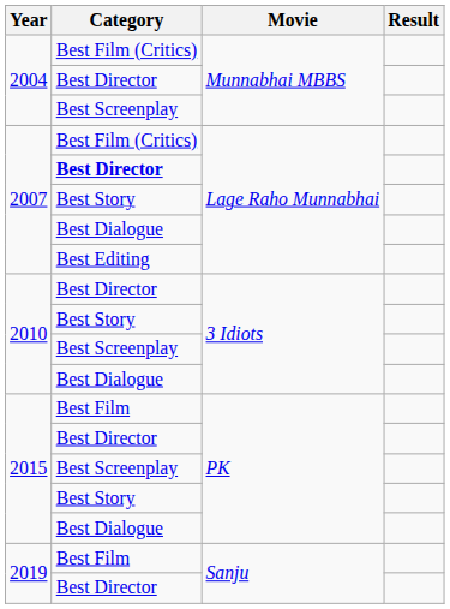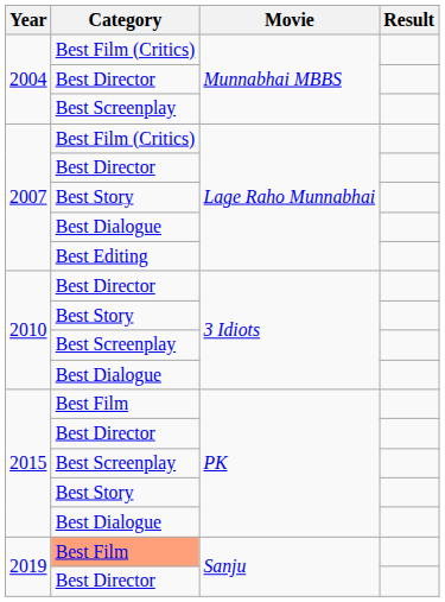 <table class="wikitable">
 <tr>
 <th>Year</th>
 <th>Category</th>
 <th>Movie</th>
 <th>Result</th>
 </tr>
 <tr>
 <td rowspan="3"><a href='#'>2004<br></a></td>
 <td><a href='#'>Best Film (Critics)</a></td>
 <td rowspan="3"><em><a href='#'>Munnabhai MBBS</a></em></td>
 <td></td>
 </tr>
 <tr>
 <td><a href='#'>Best Director</a></td>
 <td></td>
 </tr>
 <tr>
 <td><a href='#'>Best Screenplay</a></td>
 <td></td>
 </tr>
 <tr>
 <td rowspan="5"><a href='#'>2007<br></a></td>
 <td><a href='#'>Best Film (Critics)</a></td>
 <td rowspan="5"><em><a href='#'>Lage Raho Munnabhai</a></em></td>
 <td></td>
 </tr>
 <tr>
-<td><strong><a href='#'>Best Director</a></strong></td>
+<td><a href='#'>Best Director</a></td>
 <td></td>
 </tr>
 <tr>
 <td><a href='#'>Best Story</a></td>
 <td></td>
 </tr>
 <tr>
 <td><a href='#'>Best Dialogue</a></td>
 <td></td>
 </tr>
 <tr>
 <td><a href='#'>Best Editing</a></td>
 <td></td>
 </tr>
 <tr>
 <td rowspan="4"><a href='#'>2010<br></a></td>
 <td><a href='#'>Best Director</a></td>
 <td rowspan="4"><em><a href='#'>3 Idiots</a></em></td>
 <td></td>
 </tr>
 <tr>
 <td><a href='#'>Best Story</a></td>
 <td></td>
 </tr>
 <tr>
 <td><a href='#'>Best Screenplay</a></td>
 <td></td>
 </tr>
 <tr>
 <td><a href='#'>Best Dialogue</a></td>
 <td></td>
 </tr>
 <tr>
 <td rowspan="5"><a href='#'>2015<br></a></td>
 <td><a href='#'>Best Film</a></td>
 <td rowspan="5"><em><a href='#'>PK</a></em></td>
 <td></td>
 </tr>
 <tr>
 <td><a href='#'> Best Director</a></td>
 <td></td>
 </tr>
 <tr>
 <td><a href='#'>Best Screenplay</a></td>
 <td></td>
 </tr>
 <tr>
 <td><a href='#'>Best Story</a></td>
 <td></td>
 </tr>
 <tr>
 <td><a href='#'>Best Dialogue</a></td>
 <td></td>
 </tr>
 <tr>
 <td rowspan="2"><a href='#'>2019<br></a></td>
-<td><a href='#'>Best Film</a></td>
+<td style="background: lightsalmon;"><a href='#'>Best Film</a></td>
 <td rowspan= "2"><em><a href='#'>Sanju</a></em></td>
 <td></td>
 </tr>
 <tr>
 <td><a href='#'>Best Director</a></td>
 <td></td>
 </tr>
 </table>
